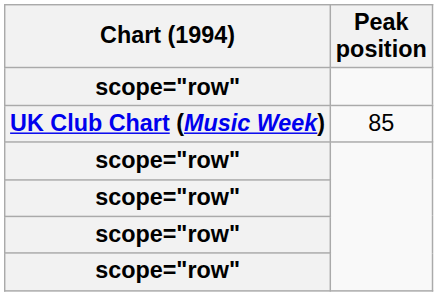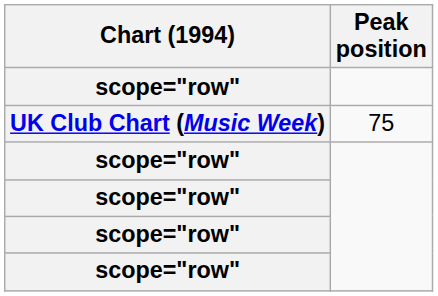 <table class="wikitable sortable plainrowheaders" style="text-align:center;">
 <tr>
 <th scope="col">Chart (1994)</th>
 <th scope="col">Peak<br>position</th>
 </tr>
 <tr>
 <th>scope="row"</th>
 </tr>
 <tr>
 <th scope="row"><a href='#'>UK Club Chart</a> (<em><a href='#'>Music Week</a></em>)</th>
-<td style="text-align:center;">85</td>
+<td style="text-align:center;">75</td>
 </tr>
 <tr>
 <th>scope="row"</th>
 </tr>
 <tr>
 <th>scope="row"</th>
 </tr>
 <tr>
 <th>scope="row"</th>
 </tr>
 <tr>
 <th>scope="row"</th>
 </tr>
 </table>
